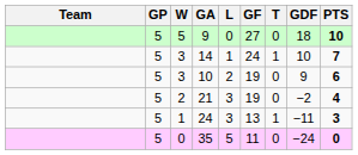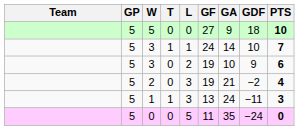 <table class="wikitable">
 <tr>
 <th width=165>Team</th>
 <th width=20>GP</th>
 <th width=20>W</th>
-<th width=20>GA</th>
+<th width=20>T</th>
 <th width=20>L</th>
 <th width=20>GF</th>
-<th width=20>T</th>
+<th width=20>GA</th>
 <th width=20>GDF</th>
 <th width=20>PTS</th>
 </tr>
 <tr align=center style="background:#ccffcc;">
 <td style="text-align:left;"></td>
 <td>5</td>
 <td>5</td>
-<td>9</td>
+<td>0</td>
 <td>0</td>
 <td>27</td>
-<td>0</td>
+<td>9</td>
 <td>18</td>
 <td><strong>10</strong></td>
 </tr>
 <tr align=center>
 <td style="text-align:left;"></td>
 <td>5</td>
 <td>3</td>
-<td>14</td>
+<td>1</td>
 <td>1</td>
 <td>24</td>
-<td>1</td>
+<td>14</td>
 <td>10</td>
 <td><strong>7</strong></td>
 </tr>
 <tr align=center>
 <td style="text-align:left;"></td>
 <td>5</td>
 <td>3</td>
-<td>10</td>
+<td>0</td>
 <td>2</td>
 <td>19</td>
-<td>0</td>
+<td>10</td>
 <td>9</td>
 <td><strong>6</strong></td>
 </tr>
 <tr align=center>
 <td style="text-align:left;"></td>
 <td>5</td>
 <td>2</td>
-<td>21</td>
+<td>0</td>
 <td>3</td>
 <td>19</td>
-<td>0</td>
+<td>21</td>
 <td>−2</td>
 <td><strong>4</strong></td>
 </tr>
 <tr align=center>
 <td style="text-align:left;"></td>
 <td>5</td>
 <td>1</td>
-<td>24</td>
+<td>1</td>
 <td>3</td>
 <td>13</td>
-<td>1</td>
+<td>24</td>
 <td>−11</td>
 <td><strong>3</strong></td>
 </tr>
 <tr align=center style="background:#ffccff;">
 <td style="text-align:left;"></td>
 <td>5</td>
 <td>0</td>
-<td>35</td>
+<td>0</td>
 <td>5</td>
 <td>11</td>
-<td>0</td>
+<td>35</td>
 <td>−24</td>
 <td><strong>0</strong></td>
 </tr>
 </table>
